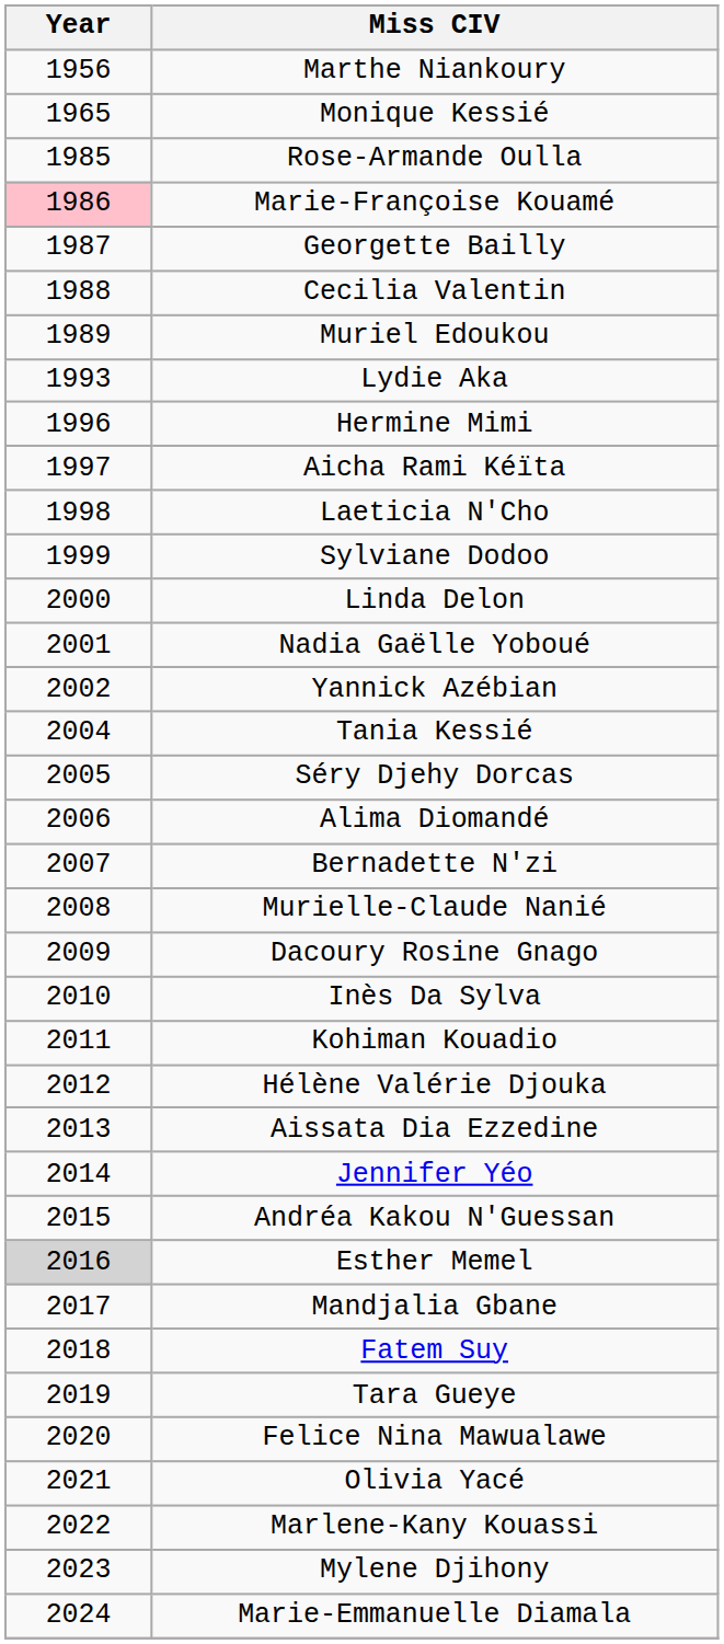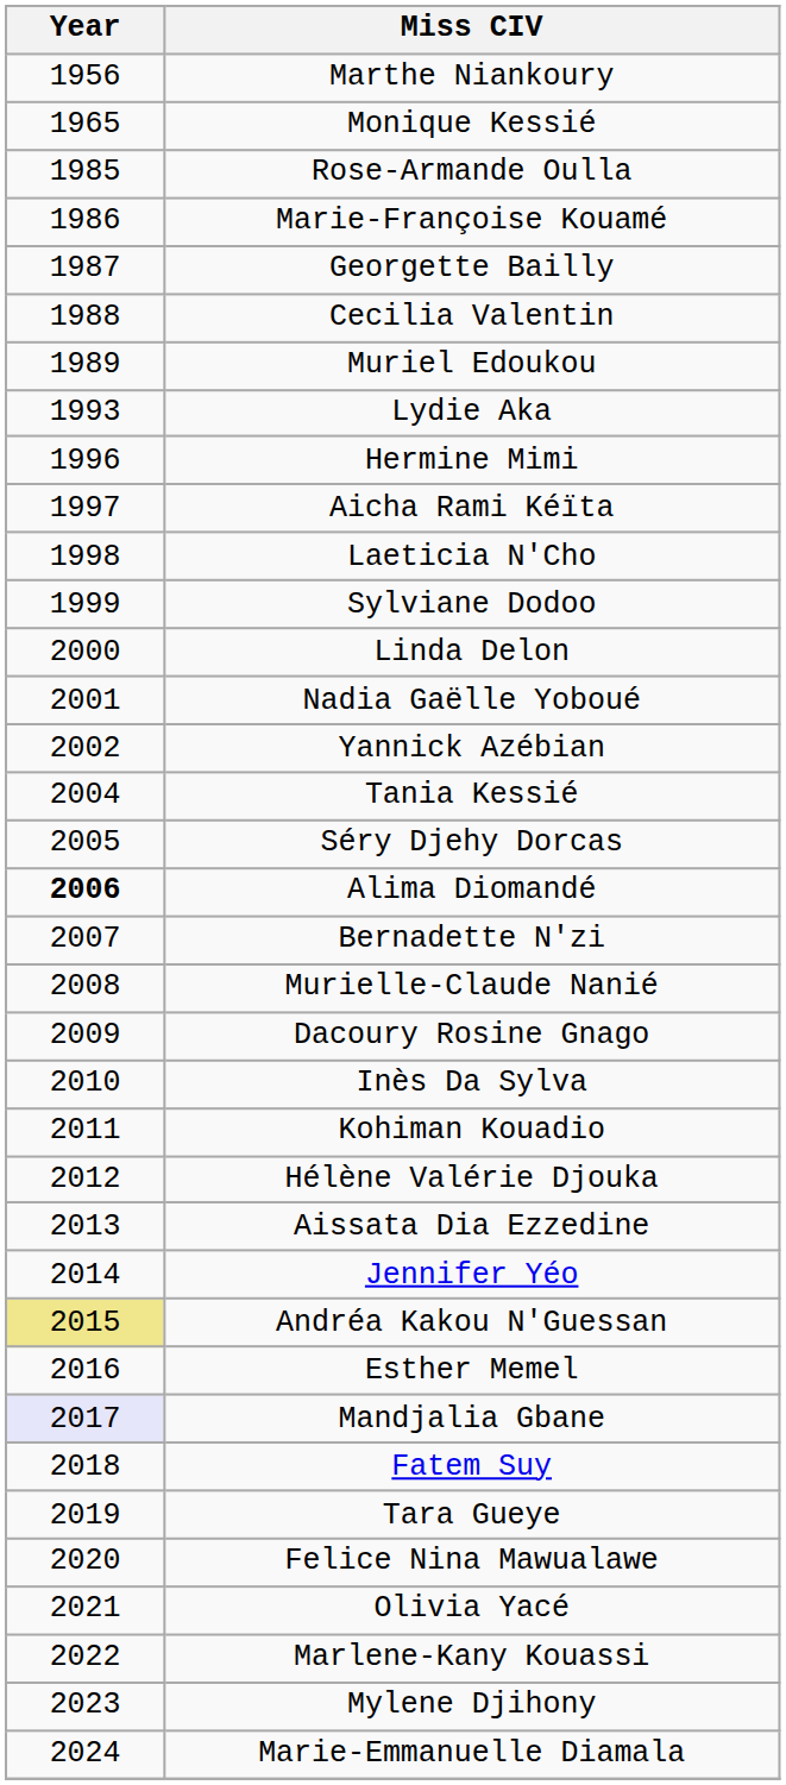 <table class="wikitable sortable" style="font-size: 95%; text-align:center">
 <tr>
 <th width="60">Year</th>
 <th width="250">Miss CIV</th>
 </tr>
 <tr>
 <td>1956</td>
 <td>Marthe Niankoury</td>
 </tr>
 <tr>
 <td>1965</td>
 <td>Monique Kessié</td>
 </tr>
 <tr>
 <td>1985</td>
 <td>Rose-Armande Oulla</td>
 </tr>
 <tr>
-<td style="background: pink;">1986</td>
+<td>1986</td>
 <td>Marie-Françoise Kouamé</td>
 </tr>
 <tr>
 <td>1987</td>
 <td>Georgette Bailly</td>
 </tr>
 <tr>
 <td>1988</td>
 <td>Cecilia Valentin</td>
 </tr>
 <tr>
 <td>1989</td>
 <td>Muriel Edoukou</td>
 </tr>
 <tr>
 <td>1993</td>
 <td>Lydie Aka</td>
 </tr>
 <tr>
 <td>1996</td>
 <td>Hermine Mimi</td>
 </tr>
 <tr>
 <td>1997</td>
 <td>Aicha Rami Kéïta</td>
 </tr>
 <tr>
 <td>1998</td>
 <td>Laeticia N'Cho</td>
 </tr>
 <tr>
 <td>1999</td>
 <td>Sylviane Dodoo</td>
 </tr>
 <tr>
 <td>2000</td>
 <td>Linda Delon</td>
 </tr>
 <tr>
 <td>2001</td>
 <td>Nadia Gaëlle Yoboué</td>
 </tr>
 <tr>
 <td>2002</td>
 <td>Yannick Azébian</td>
 </tr>
 <tr>
 <td>2004</td>
 <td>Tania Kessié</td>
 </tr>
 <tr>
 <td>2005</td>
 <td>Séry Djehy Dorcas</td>
 </tr>
 <tr>
-<td>2006</td>
+<td><strong>2006</strong></td>
 <td>Alima Diomandé</td>
 </tr>
 <tr>
 <td>2007</td>
 <td>Bernadette N'zi</td>
 </tr>
 <tr>
 <td>2008</td>
 <td>Murielle-Claude Nanié</td>
 </tr>
 <tr>
 <td>2009</td>
 <td>Dacoury Rosine Gnago</td>
 </tr>
 <tr>
 <td>2010</td>
 <td>Inès Da Sylva</td>
 </tr>
 <tr>
 <td>2011</td>
 <td>Kohiman Kouadio</td>
 </tr>
 <tr>
 <td>2012</td>
 <td>Hélène Valérie Djouka</td>
 </tr>
 <tr>
 <td>2013</td>
 <td>Aissata Dia Ezzedine</td>
 </tr>
 <tr>
 <td>2014</td>
 <td><a href='#'>Jennifer Yéo</a></td>
 </tr>
 <tr>
-<td>2015</td>
+<td style="background: khaki;">2015</td>
 <td>Andréa Kakou N'Guessan</td>
 </tr>
 <tr>
-<td style="background: lightgrey;">2016</td>
+<td>2016</td>
 <td>Esther Memel</td>
 </tr>
 <tr>
-<td>2017</td>
+<td style="background: lavender;">2017</td>
 <td>Mandjalia Gbane</td>
 </tr>
 <tr>
 <td>2018</td>
 <td><a href='#'>Fatem Suy</a></td>
 </tr>
 <tr>
 <td>2019</td>
 <td>Tara Gueye</td>
 </tr>
 <tr>
 <td>2020</td>
 <td>Felice Nina Mawualawe</td>
 </tr>
 <tr>
 <td>2021</td>
 <td>Olivia Yacé</td>
 </tr>
 <tr>
 <td>2022</td>
 <td>Marlene-Kany Kouassi</td>
 </tr>
 <tr>
 <td>2023</td>
 <td>Mylene Djihony</td>
 </tr>
 <tr>
 <td>2024</td>
 <td>Marie-Emmanuelle Diamala</td>
 </tr>
 <tr>
 </tr>
 </table>
